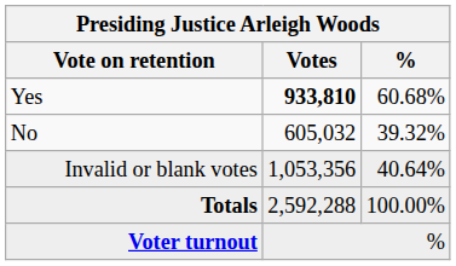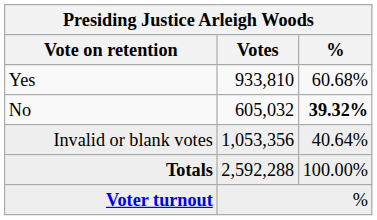 <table class="wikitable" style="font-size: 95%;">
 <tr style="background-color:#E9E9E9">
 <th colspan=7>Presiding Justice Arleigh Woods</th>
 </tr>
 <tr style="background-color:#E9E9E9">
 <th style="width: 170px">Vote on retention</th>
 <th style="width: 50px">Votes</th>
 <th style="width: 40px">%</th>
 </tr>
 <tr>
 <td>Yes</td>
-<td align="right"><strong>933,810</strong></td>
+<td align="right">933,810</td>
 <td align="right">60.68%</td>
 </tr>
 <tr>
 <td>No</td>
 <td align="right">605,032</td>
-<td align="right">39.32%</td>
+<td align="right"><strong>39.32%</strong></td>
 </tr>
 <tr style="background-color:#EEEEEE">
 <td align="right">Invalid or blank votes</td>
 <td align="right">1,053,356</td>
 <td align="right">40.64%</td>
 </tr>
 <tr style="background-color:#EEEEEE">
 <td colspan="1" align="right"><strong>Totals</strong></td>
 <td align="right">2,592,288</td>
 <td align="right">100.00%</td>
 </tr>
 <tr style="background-color:#EEEEEE">
 <td align="right"><strong><a href='#'>Voter turnout</a></strong></td>
 <td colspan="2" align="right">%</td>
 </tr>
 </table>
